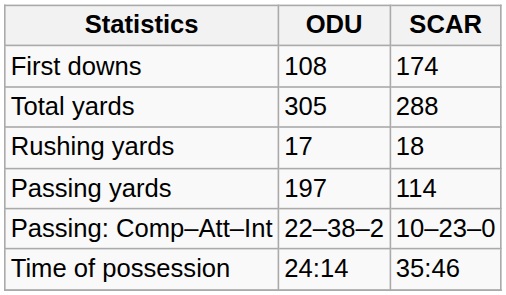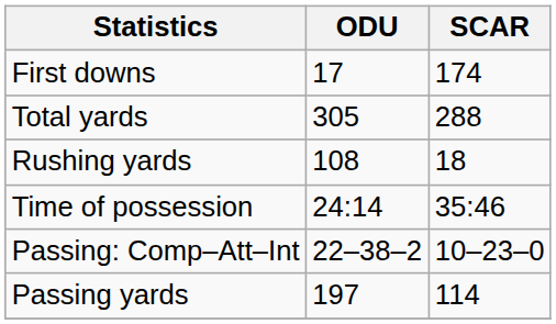 <table class="wikitable" style="float: left;">
 <tr>
 <th>Statistics</th>
 <th>ODU</th>
 <th>SCAR</th>
 </tr>
 <tr>
 <td>First downs</td>
-<td>108</td>
+<td>17</td>
 <td>174</td>
 </tr>
 <tr>
 <td>Total yards</td>
 <td>305</td>
 <td>288</td>
 </tr>
 <tr>
 <td>Rushing yards</td>
-<td>17</td>
+<td>108</td>
 <td>18</td>
+</tr>
+<tr>
+<td>Time of possession</td>
+<td>24:14</td>
+<td>35:46</td>
+</tr>
+<tr>
+<td>Passing: Comp–Att–Int</td>
+<td>22–38–2</td>
+<td>10–23–0</td>
 </tr>
 <tr>
 <td>Passing yards</td>
 <td>197</td>
 <td>114</td>
 </tr>
 <tr>
-<td>Passing: Comp–Att–Int</td>
-<td>22–38–2</td>
-<td>10–23–0</td>
-</tr>
-<tr>
-<td>Time of possession</td>
-<td>24:14</td>
-<td>35:46</td>
-</tr>
-<tr>
 </tr>
 </table>
